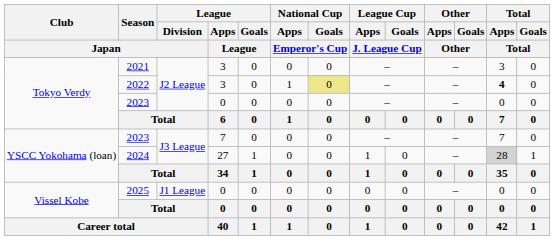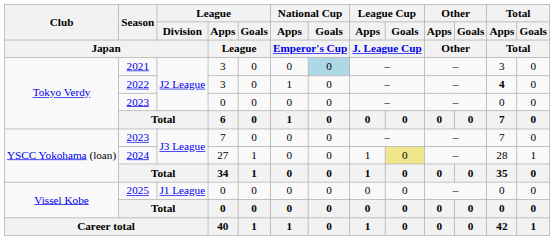 <table class="wikitable" style="text-align:center">
 <tr>
 <th rowspan=2>Club</th>
 <th rowspan=2>Season</th>
 <th colspan=3>League</th>
 <th colspan=2>National Cup</th>
 <th colspan=2>League Cup</th>
 <th colspan=2>Other</th>
 <th colspan=2>Total</th>
 </tr>
 <tr>
 <th>Division</th>
 <th>Apps</th>
 <th>Goals</th>
 <th>Apps</th>
 <th>Goals</th>
 <th>Apps</th>
 <th>Goals</th>
 <th>Apps</th>
 <th>Goals</th>
 <th>Apps</th>
 <th>Goals</th>
 </tr>
 <tr>
 <th colspan=3>Japan</th>
 <th colspan=2>League</th>
 <th colspan=2><a href='#'>Emperor's Cup</a></th>
 <th colspan=2><a href='#'>J. League Cup</a></th>
 <th colspan=2>Other</th>
 <th colspan=2>Total</th>
 </tr>
 <tr>
 <td rowspan="4"><a href='#'>Tokyo Verdy</a></td>
 <td><a href='#'>2021</a></td>
 <td rowspan="3"><a href='#'>J2 League</a></td>
 <td>3</td>
 <td>0</td>
 <td>0</td>
-<td>0</td>
+<td style="background: lightblue;">0</td>
 <td colspan="2">–</td>
 <td colspan="2">–</td>
 <td>3</td>
 <td>0</td>
 </tr>
 <tr>
 <td><a href='#'>2022</a></td>
 <td>3</td>
 <td>0</td>
 <td>1</td>
-<td style="background: khaki;">0</td>
+<td>0</td>
 <td colspan="2">–</td>
 <td colspan="2">–</td>
 <td><strong>4</strong></td>
 <td>0</td>
 </tr>
 <tr>
 <td><a href='#'>2023</a></td>
 <td>0</td>
 <td>0</td>
 <td>0</td>
 <td>0</td>
 <td colspan="2">–</td>
 <td colspan="2">–</td>
 <td>0</td>
 <td>0</td>
 </tr>
 <tr>
 <th colspan="2">Total</th>
 <th>6</th>
 <th>0</th>
 <th>1</th>
 <th>0</th>
 <th>0</th>
 <th>0</th>
 <th>0</th>
 <th>0</th>
 <th>7</th>
 <th>0</th>
 </tr>
 <tr>
 <td rowspan="3"><a href='#'>YSCC Yokohama</a> (loan)</td>
 <td><a href='#'>2023</a></td>
 <td rowspan="2"><a href='#'>J3 League</a></td>
 <td>7</td>
 <td>0</td>
 <td>0</td>
 <td>0</td>
 <td colspan="2">–</td>
 <td colspan="2">–</td>
 <td>7</td>
 <td>0</td>
 </tr>
 <tr>
 <td><a href='#'>2024</a></td>
 <td>27</td>
 <td>1</td>
 <td>0</td>
 <td>0</td>
 <td>1</td>
-<td>0</td>
+<td style="background: khaki;">0</td>
 <td colspan="2">–</td>
-<td style="background: lightgrey;">28</td>
+<td>28</td>
 <td>1</td>
 </tr>
 <tr>
 <th colspan="2">Total</th>
 <th>34</th>
 <th>1</th>
 <th>0</th>
 <th>0</th>
 <th>1</th>
 <th>0</th>
 <th>0</th>
 <th>0</th>
 <th>35</th>
 <th>0</th>
 </tr>
 <tr>
 <td rowspan="2"><a href='#'>Vissel Kobe</a></td>
 <td><a href='#'>2025</a></td>
 <td><a href='#'>J1 League</a></td>
 <td>0</td>
 <td>0</td>
 <td>0</td>
 <td>0</td>
 <td>0</td>
 <td>0</td>
 <td colspan="2">–</td>
 <td>0</td>
 <td>0</td>
 </tr>
 <tr>
 <th colspan="2">Total</th>
 <th>0</th>
 <th>0</th>
 <th>0</th>
 <th>0</th>
 <th>0</th>
 <th>0</th>
 <th>0</th>
 <th>0</th>
 <th>0</th>
 <th>0</th>
 </tr>
 <tr>
 <th colspan=3>Career total</th>
 <th>40</th>
 <th>1</th>
 <th>1</th>
 <th>0</th>
 <th>1</th>
 <th>0</th>
 <th>0</th>
 <th>0</th>
 <th>42</th>
 <th>1</th>
 </tr>
 </table>
